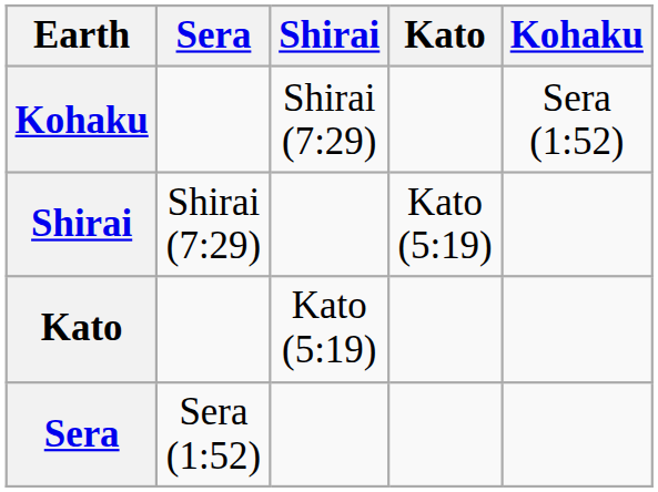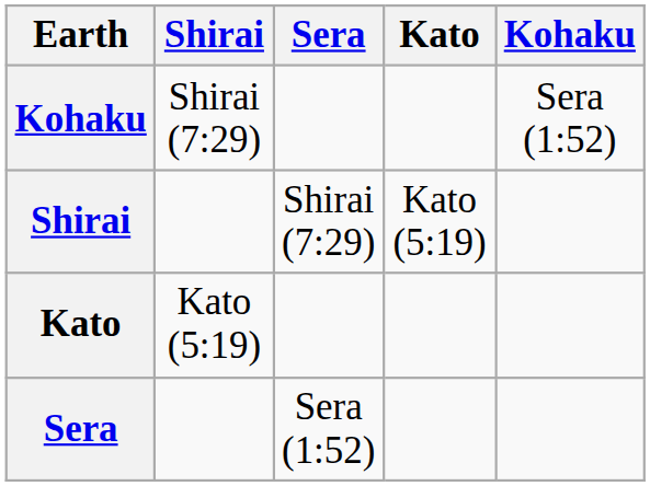 <table class="wikitable" style="text-align:center; margin: 1em auto 1em auto">
 <tr>
 <th>Earth</th>
+<th><a href='#'>Shirai</a></th>
 <th><a href='#'>Sera</a></th>
-<th><a href='#'>Shirai</a></th>
 <th>Kato</th>
 <th><a href='#'>Kohaku</a></th>
 </tr>
 <tr>
 <th><a href='#'>Kohaku</a></th>
+<td>Shirai<br>(7:29)</td>
 <td></td>
-<td>Shirai<br>(7:29)</td>
 <td></td>
 <td>Sera<br>(1:52)</td>
 </tr>
 <tr>
 <th><a href='#'>Shirai</a></th>
+<td></td>
 <td>Shirai<br>(7:29)</td>
-<td></td>
 <td>Kato<br>(5:19)</td>
 <td></td>
 </tr>
 <tr>
 <th>Kato</th>
+<td>Kato<br>(5:19)</td>
 <td></td>
-<td>Kato<br>(5:19)</td>
 <td></td>
 <td></td>
 </tr>
 <tr>
 <th><a href='#'>Sera</a></th>
+<td></td>
 <td>Sera<br>(1:52)</td>
-<td></td>
 <td></td>
 <td></td>
 </tr>
 </table>
